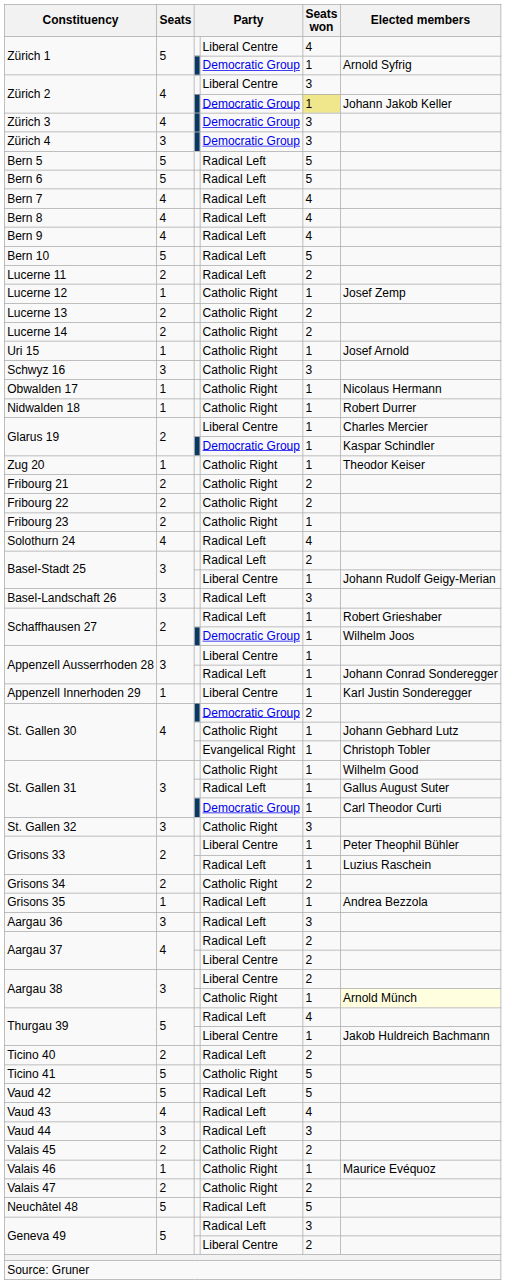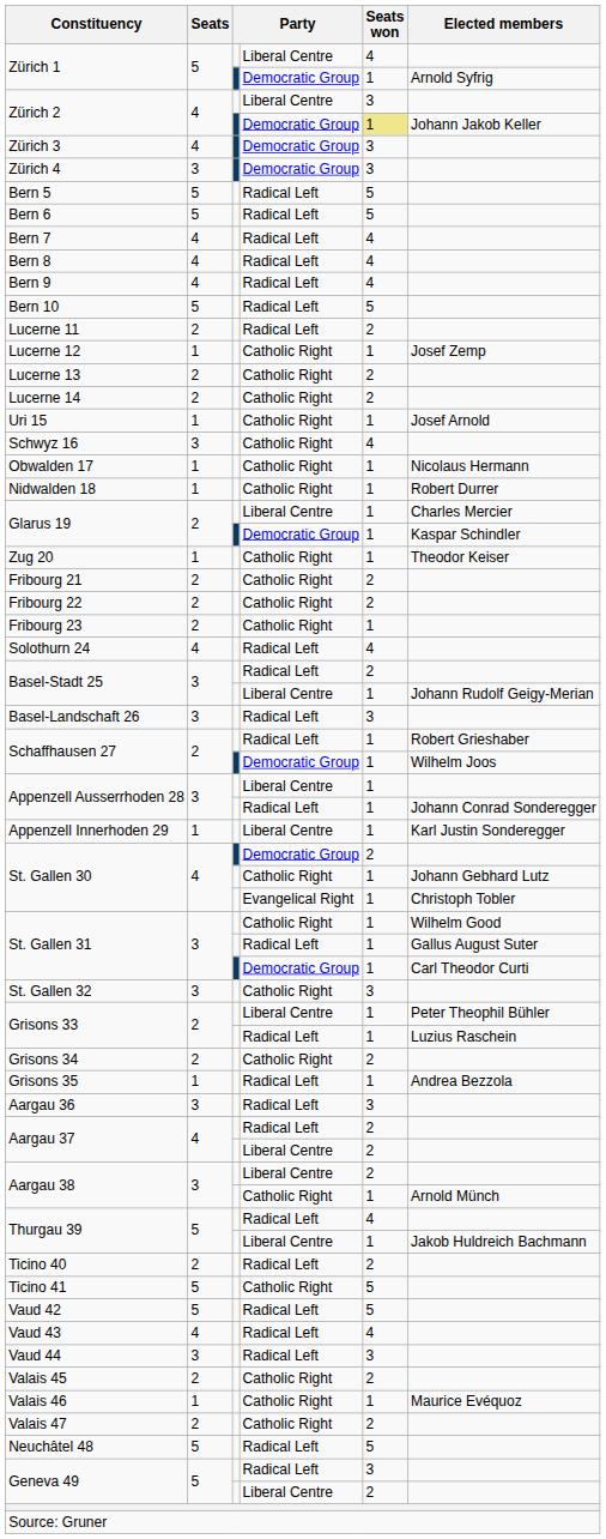 <table class="wikitable">
 <tr>
 <th>Constituency</th>
 <th>Seats</th>
 <th colspan="2">Party</th>
 <th>Seats<br>won</th>
 <th>Elected members</th>
 </tr>
 <tr>
 <td rowspan="2">Zürich 1</td>
 <td rowspan="2">5</td>
 <td style="color:inherit;background:"></td>
 <td>Liberal Centre</td>
 <td>4</td>
 <td></td>
 </tr>
 <tr>
 <td style="color:inherit;background:#0B3861"></td>
 <td><a href='#'>Democratic Group</a></td>
 <td>1</td>
 <td>Arnold Syfrig</td>
 </tr>
 <tr>
 <td rowspan="2">Zürich 2</td>
 <td rowspan="2">4</td>
 <td style="color:inherit;background:"></td>
 <td>Liberal Centre</td>
 <td>3</td>
 <td></td>
 </tr>
 <tr>
 <td style="color:inherit;background:#0B3861"></td>
 <td><a href='#'>Democratic Group</a></td>
 <td style="background: khaki;">1</td>
 <td>Johann Jakob Keller</td>
 </tr>
 <tr>
 <td>Zürich 3</td>
 <td>4</td>
 <td style="color:inherit;background:#0B3861"></td>
 <td><a href='#'>Democratic Group</a></td>
 <td>3</td>
 <td></td>
 </tr>
 <tr>
 <td>Zürich 4</td>
 <td>3</td>
 <td style="color:inherit;background:#0B3861"></td>
 <td><a href='#'>Democratic Group</a></td>
 <td>3</td>
 <td></td>
 </tr>
 <tr>
 <td>Bern 5</td>
 <td>5</td>
 <td style="color:inherit;background:"></td>
 <td>Radical Left</td>
 <td>5</td>
 <td></td>
 </tr>
 <tr>
 <td>Bern 6</td>
 <td>5</td>
 <td style="color:inherit;background:"></td>
 <td>Radical Left</td>
 <td>5</td>
 <td></td>
 </tr>
 <tr>
 <td>Bern 7</td>
 <td>4</td>
 <td style="color:inherit;background:"></td>
 <td>Radical Left</td>
 <td>4</td>
 <td></td>
 </tr>
 <tr>
 <td>Bern 8</td>
 <td>4</td>
 <td style="color:inherit;background:"></td>
 <td>Radical Left</td>
 <td>4</td>
 <td></td>
 </tr>
 <tr>
 <td>Bern 9</td>
 <td>4</td>
 <td style="color:inherit;background:"></td>
 <td>Radical Left</td>
 <td>4</td>
 <td></td>
 </tr>
 <tr>
 <td>Bern 10</td>
 <td>5</td>
 <td style="color:inherit;background:"></td>
 <td>Radical Left</td>
 <td>5</td>
 <td></td>
 </tr>
 <tr>
 <td>Lucerne 11</td>
 <td>2</td>
 <td style="color:inherit;background:"></td>
 <td>Radical Left</td>
 <td>2</td>
 <td></td>
 </tr>
 <tr>
 <td>Lucerne 12</td>
 <td>1</td>
 <td style="color:inherit;background:"></td>
 <td>Catholic Right</td>
 <td>1</td>
 <td>Josef Zemp</td>
 </tr>
 <tr>
 <td>Lucerne 13</td>
 <td>2</td>
 <td style="color:inherit;background:"></td>
 <td>Catholic Right</td>
 <td>2</td>
 <td></td>
 </tr>
 <tr>
 <td>Lucerne 14</td>
 <td>2</td>
 <td style="color:inherit;background:"></td>
 <td>Catholic Right</td>
 <td>2</td>
 <td></td>
 </tr>
 <tr>
 <td>Uri 15</td>
 <td>1</td>
 <td style="color:inherit;background:"></td>
 <td>Catholic Right</td>
 <td>1</td>
 <td>Josef Arnold</td>
 </tr>
 <tr>
 <td>Schwyz 16</td>
 <td>3</td>
 <td style="color:inherit;background:"></td>
 <td>Catholic Right</td>
-<td>3</td>
+<td>4</td>
 <td></td>
 </tr>
 <tr>
 <td>Obwalden 17</td>
 <td>1</td>
 <td style="color:inherit;background:"></td>
 <td>Catholic Right</td>
 <td>1</td>
 <td>Nicolaus Hermann</td>
 </tr>
 <tr>
 <td>Nidwalden 18</td>
 <td>1</td>
 <td style="color:inherit;background:"></td>
 <td>Catholic Right</td>
 <td>1</td>
 <td>Robert Durrer</td>
 </tr>
 <tr>
 <td rowspan="2">Glarus 19</td>
 <td rowspan="2">2</td>
 <td style="color:inherit;background:"></td>
 <td>Liberal Centre</td>
 <td>1</td>
 <td>Charles Mercier</td>
 </tr>
 <tr>
 <td style="color:inherit;background:#0B3861"></td>
 <td><a href='#'>Democratic Group</a></td>
 <td>1</td>
 <td>Kaspar Schindler</td>
 </tr>
 <tr>
 <td>Zug 20</td>
 <td>1</td>
 <td style="color:inherit;background:"></td>
 <td>Catholic Right</td>
 <td>1</td>
 <td>Theodor Keiser</td>
 </tr>
 <tr>
 <td>Fribourg 21</td>
 <td>2</td>
 <td style="color:inherit;background:"></td>
 <td>Catholic Right</td>
 <td>2</td>
 <td></td>
 </tr>
 <tr>
 <td>Fribourg 22</td>
 <td>2</td>
 <td style="color:inherit;background:"></td>
 <td>Catholic Right</td>
 <td>2</td>
 <td></td>
 </tr>
 <tr>
 <td>Fribourg 23</td>
 <td>2</td>
 <td style="color:inherit;background:"></td>
 <td>Catholic Right</td>
 <td>1</td>
 <td></td>
 </tr>
 <tr>
 <td>Solothurn 24</td>
 <td>4</td>
 <td style="color:inherit;background:"></td>
 <td>Radical Left</td>
 <td>4</td>
 <td></td>
 </tr>
 <tr>
 <td rowspan="2">Basel-Stadt 25</td>
 <td rowspan="2">3</td>
 <td style="color:inherit;background:"></td>
 <td>Radical Left</td>
 <td>2</td>
 <td></td>
 </tr>
 <tr>
 <td style="color:inherit;background:"></td>
 <td>Liberal Centre</td>
 <td>1</td>
 <td>Johann Rudolf Geigy-Merian</td>
 </tr>
 <tr>
 <td>Basel-Landschaft 26</td>
 <td>3</td>
 <td style="color:inherit;background:"></td>
 <td>Radical Left</td>
 <td>3</td>
 <td></td>
 </tr>
 <tr>
 <td rowspan="2">Schaffhausen 27</td>
 <td rowspan="2">2</td>
 <td style="color:inherit;background:"></td>
 <td>Radical Left</td>
 <td>1</td>
 <td>Robert Grieshaber</td>
 </tr>
 <tr>
 <td style="color:inherit;background:#0B3861"></td>
 <td><a href='#'>Democratic Group</a></td>
 <td>1</td>
 <td>Wilhelm Joos</td>
 </tr>
 <tr>
 <td rowspan="2">Appenzell Ausserrhoden 28</td>
 <td rowspan="2">3</td>
 <td style="color:inherit;background:"></td>
 <td>Liberal Centre</td>
 <td>1</td>
 <td></td>
 </tr>
 <tr>
 <td style="color:inherit;background:"></td>
 <td>Radical Left</td>
 <td>1</td>
 <td>Johann Conrad Sonderegger</td>
 </tr>
 <tr>
 <td>Appenzell Innerhoden 29</td>
 <td>1</td>
 <td style="color:inherit;background:"></td>
 <td>Liberal Centre</td>
 <td>1</td>
 <td>Karl Justin Sonderegger</td>
 </tr>
 <tr>
 <td rowspan="3">St. Gallen 30</td>
 <td rowspan="3">4</td>
 <td style="color:inherit;background:#0B3861"></td>
 <td><a href='#'>Democratic Group</a></td>
 <td>2</td>
 <td></td>
 </tr>
 <tr>
 <td style="color:inherit;background:"></td>
 <td>Catholic Right</td>
 <td>1</td>
 <td>Johann Gebhard Lutz</td>
 </tr>
 <tr>
 <td style="color:inherit;background:"></td>
 <td>Evangelical Right</td>
 <td>1</td>
 <td>Christoph Tobler</td>
 </tr>
 <tr>
 <td rowspan="3">St. Gallen 31</td>
 <td rowspan="3">3</td>
 <td style="color:inherit;background:"></td>
 <td>Catholic Right</td>
 <td>1</td>
 <td>Wilhelm Good</td>
 </tr>
 <tr>
 <td style="color:inherit;background:"></td>
 <td>Radical Left</td>
 <td>1</td>
 <td>Gallus August Suter</td>
 </tr>
 <tr>
 <td style="color:inherit;background:#0B3861"></td>
 <td><a href='#'>Democratic Group</a></td>
 <td>1</td>
 <td>Carl Theodor Curti</td>
 </tr>
 <tr>
 <td>St. Gallen 32</td>
 <td>3</td>
 <td style="color:inherit;background:"></td>
 <td>Catholic Right</td>
 <td>3</td>
 <td></td>
 </tr>
 <tr>
 <td rowspan="2">Grisons 33</td>
 <td rowspan="2">2</td>
 <td style="color:inherit;background:"></td>
 <td>Liberal Centre</td>
 <td>1</td>
 <td>Peter Theophil Bühler</td>
 </tr>
 <tr>
 <td style="color:inherit;background:"></td>
 <td>Radical Left</td>
 <td>1</td>
 <td>Luzius Raschein</td>
 </tr>
 <tr>
 <td>Grisons 34</td>
 <td>2</td>
 <td style="color:inherit;background:"></td>
 <td>Catholic Right</td>
 <td>2</td>
 <td></td>
 </tr>
 <tr>
 <td>Grisons 35</td>
 <td>1</td>
 <td style="color:inherit;background:"></td>
 <td>Radical Left</td>
 <td>1</td>
 <td>Andrea Bezzola</td>
 </tr>
 <tr>
 <td>Aargau 36</td>
 <td>3</td>
 <td style="color:inherit;background:"></td>
 <td>Radical Left</td>
 <td>3</td>
 <td></td>
 </tr>
 <tr>
 <td rowspan="2">Aargau 37</td>
 <td rowspan="2">4</td>
 <td style="color:inherit;background:"></td>
 <td>Radical Left</td>
 <td>2</td>
 <td></td>
 </tr>
 <tr>
 <td style="color:inherit;background:"></td>
 <td>Liberal Centre</td>
 <td>2</td>
 <td></td>
 </tr>
 <tr>
 <td rowspan="2">Aargau 38</td>
 <td rowspan="2">3</td>
 <td style="color:inherit;background:"></td>
 <td>Liberal Centre</td>
 <td>2</td>
 <td></td>
 </tr>
 <tr>
 <td style="color:inherit;background:"></td>
 <td>Catholic Right</td>
 <td>1</td>
-<td style="background: lightyellow;">Arnold Münch</td>
+<td>Arnold Münch</td>
 </tr>
 <tr>
 <td rowspan="2">Thurgau 39</td>
 <td rowspan="2">5</td>
 <td style="color:inherit;background:"></td>
 <td>Radical Left</td>
 <td>4</td>
 <td></td>
 </tr>
 <tr>
 <td style="color:inherit;background:"></td>
 <td>Liberal Centre</td>
 <td>1</td>
 <td>Jakob Huldreich Bachmann</td>
 </tr>
 <tr>
 <td>Ticino 40</td>
 <td>2</td>
 <td style="color:inherit;background:"></td>
 <td>Radical Left</td>
 <td>2</td>
 <td></td>
 </tr>
 <tr>
 <td>Ticino 41</td>
 <td>5</td>
 <td style="color:inherit;background:"></td>
 <td>Catholic Right</td>
 <td>5</td>
 <td></td>
 </tr>
 <tr>
 <td>Vaud 42</td>
 <td>5</td>
 <td style="color:inherit;background:"></td>
 <td>Radical Left</td>
 <td>5</td>
 <td></td>
 </tr>
 <tr>
 <td>Vaud 43</td>
 <td>4</td>
 <td style="color:inherit;background:"></td>
 <td>Radical Left</td>
 <td>4</td>
 <td></td>
 </tr>
 <tr>
 <td>Vaud 44</td>
 <td>3</td>
 <td style="color:inherit;background:"></td>
 <td>Radical Left</td>
 <td>3</td>
 <td></td>
 </tr>
 <tr>
 <td>Valais 45</td>
 <td>2</td>
 <td style="color:inherit;background:"></td>
 <td>Catholic Right</td>
 <td>2</td>
 <td></td>
 </tr>
 <tr>
 <td>Valais 46</td>
 <td>1</td>
 <td style="color:inherit;background:"></td>
 <td>Catholic Right</td>
 <td>1</td>
 <td>Maurice Evéquoz</td>
 </tr>
 <tr>
 <td>Valais 47</td>
 <td>2</td>
 <td style="color:inherit;background:"></td>
 <td>Catholic Right</td>
 <td>2</td>
 <td></td>
 </tr>
 <tr>
 <td>Neuchâtel 48</td>
 <td>5</td>
 <td style="color:inherit;background:"></td>
 <td>Radical Left</td>
 <td>5</td>
 <td></td>
 </tr>
 <tr>
 <td rowspan="2">Geneva 49</td>
 <td rowspan="2">5</td>
 <td style="color:inherit;background:"></td>
 <td>Radical Left</td>
 <td>3</td>
 <td></td>
 </tr>
 <tr>
 <td style="color:inherit;background:"></td>
 <td>Liberal Centre</td>
 <td>2</td>
 <td></td>
 </tr>
 <tr>
 <th colspan="6"></th>
 </tr>
 <tr>
 <td colspan="6">Source: Gruner</td>
 </tr>
 </table>
